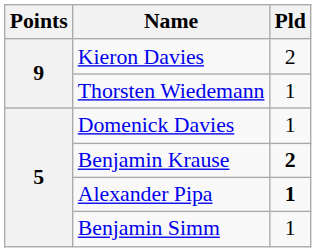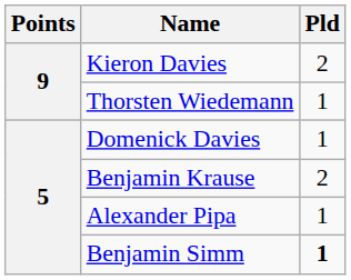 <table class="wikitable">
 <tr>
 <th>Points</th>
 <th>Name</th>
 <th>Pld</th>
 </tr>
 <tr>
 <th rowspan=2>9</th>
 <td><a href='#'>Kieron Davies</a></td>
 <td align="center">2</td>
 </tr>
 <tr>
 <td><a href='#'>Thorsten Wiedemann</a></td>
 <td align="center">1</td>
 </tr>
 <tr>
 <th rowspan=4>5</th>
 <td><a href='#'>Domenick Davies</a></td>
 <td align="center">1</td>
 </tr>
 <tr>
 <td><a href='#'>Benjamin Krause</a></td>
-<td align="center"><strong>2</strong></td>
+<td align="center">2</td>
 </tr>
 <tr>
 <td><a href='#'>Alexander Pipa</a></td>
-<td align="center"><strong>1</strong></td>
+<td align="center">1</td>
 </tr>
 <tr>
 <td><a href='#'>Benjamin Simm</a></td>
-<td align="center">1</td>
+<td align="center"><strong>1</strong></td>
 </tr>
 </table>
